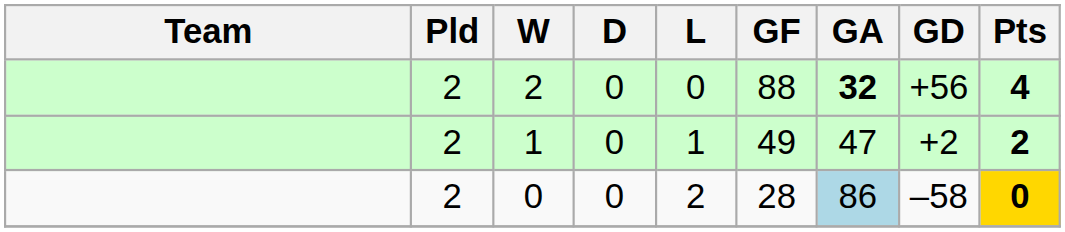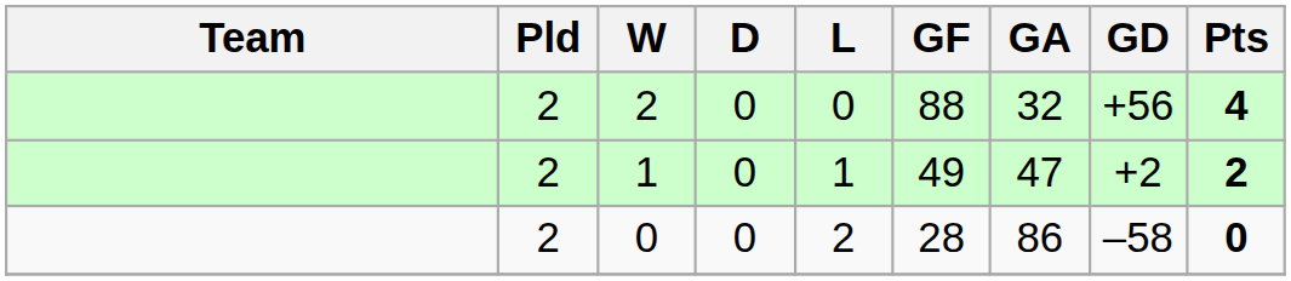 <table class="wikitable" style="text-align: center;">
 <tr>
 <th width="180">Team</th>
 <th width="30">Pld</th>
 <th width="30">W</th>
 <th width="30">D</th>
 <th width="30">L</th>
 <th width="30">GF</th>
 <th width="30">GA</th>
 <th width="30">GD</th>
 <th width="30">Pts</th>
 </tr>
 <tr bgcolor=#CCFFCC>
 <td align="left"></td>
 <td>2</td>
 <td>2</td>
 <td>0</td>
 <td>0</td>
 <td>88</td>
-<td><strong>32</strong></td>
+<td>32</td>
 <td>+56</td>
 <td><strong>4</strong></td>
 </tr>
 <tr bgcolor=#CCFFCC>
 <td align="left"></td>
 <td>2</td>
 <td>1</td>
 <td>0</td>
 <td>1</td>
 <td>49</td>
 <td>47</td>
 <td>+2</td>
 <td><strong>2</strong></td>
 </tr>
 <tr>
 <td align="left"></td>
 <td>2</td>
 <td>0</td>
 <td>0</td>
 <td>2</td>
 <td>28</td>
-<td style="background: lightblue;">86</td>
+<td>86</td>
 <td>–58</td>
-<td style="background: gold;"><strong>0</strong></td>
+<td><strong>0</strong></td>
 </tr>
 <tr>
 </tr>
 </table>
